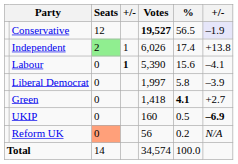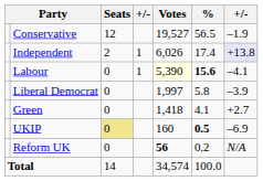 <table class="wikitable sortable">
 <tr>
 <th colspan="2">Party</th>
 <th>Seats</th>
 <th>+/-</th>
 <th>Votes</th>
 <th>%</th>
 <th>+/-</th>
 </tr>
 <tr>
 <td style="background-color: "></td>
 <td><a href='#'>Conservative</a></td>
 <td>12</td>
 <td></td>
-<td><strong>19,527</strong></td>
+<td>19,527</td>
 <td>56.5</td>
-<td style="background: lavender;">–1.9</td>
+<td>–1.9</td>
 </tr>
 <tr>
 <td style="background-color: "></td>
 <td><a href='#'>Independent</a></td>
-<td style="background: lightgreen;">2</td>
+<td>2</td>
 <td> 1</td>
 <td>6,026</td>
 <td>17.4</td>
-<td>+13.8</td>
+<td style="background: lavender;">+13.8</td>
 </tr>
 <tr>
 <td style="background-color: "></td>
 <td><a href='#'>Labour</a></td>
 <td>0</td>
-<td><strong> 1</strong></td>
-<td>5,390</td>
-<td>15.6</td>
+<td> 1</td>
+<td style="background: lightyellow;">5,390</td>
+<td><strong>15.6</strong></td>
 <td>–4.1</td>
 </tr>
 <tr>
 <td style="background-color: "></td>
 <td><a href='#'>Liberal Democrat</a></td>
 <td>0</td>
 <td></td>
 <td>1,997</td>
 <td>5.8</td>
 <td>–3.9</td>
 </tr>
 <tr>
 <td style="background-color: "></td>
 <td><a href='#'>Green</a></td>
 <td>0</td>
 <td></td>
 <td>1,418</td>
-<td><strong>4.1</strong></td>
+<td>4.1</td>
 <td>+2.7</td>
 </tr>
 <tr>
 <td style="background-color: "></td>
 <td><a href='#'>UKIP</a></td>
-<td>0</td>
+<td style="background: khaki;">0</td>
 <td></td>
 <td>160</td>
-<td>0.5</td>
-<td><strong>–6.9</strong></td>
+<td><strong>0.5</strong></td>
+<td>–6.9</td>
 </tr>
 <tr>
 <td style="background-color: "></td>
 <td><a href='#'>Reform UK</a></td>
-<td style="background: lightsalmon;">0</td>
+<td>0</td>
 <td></td>
-<td>56</td>
+<td><strong>56</strong></td>
 <td>0.2</td>
 <td><em>N/A</em></td>
 </tr>
 <tr>
 <td colspan="2"><strong>Total</strong></td>
 <td>14</td>
 <td></td>
 <td>34,574</td>
 <td>100.0</td>
 <td></td>
 </tr>
 </table>
